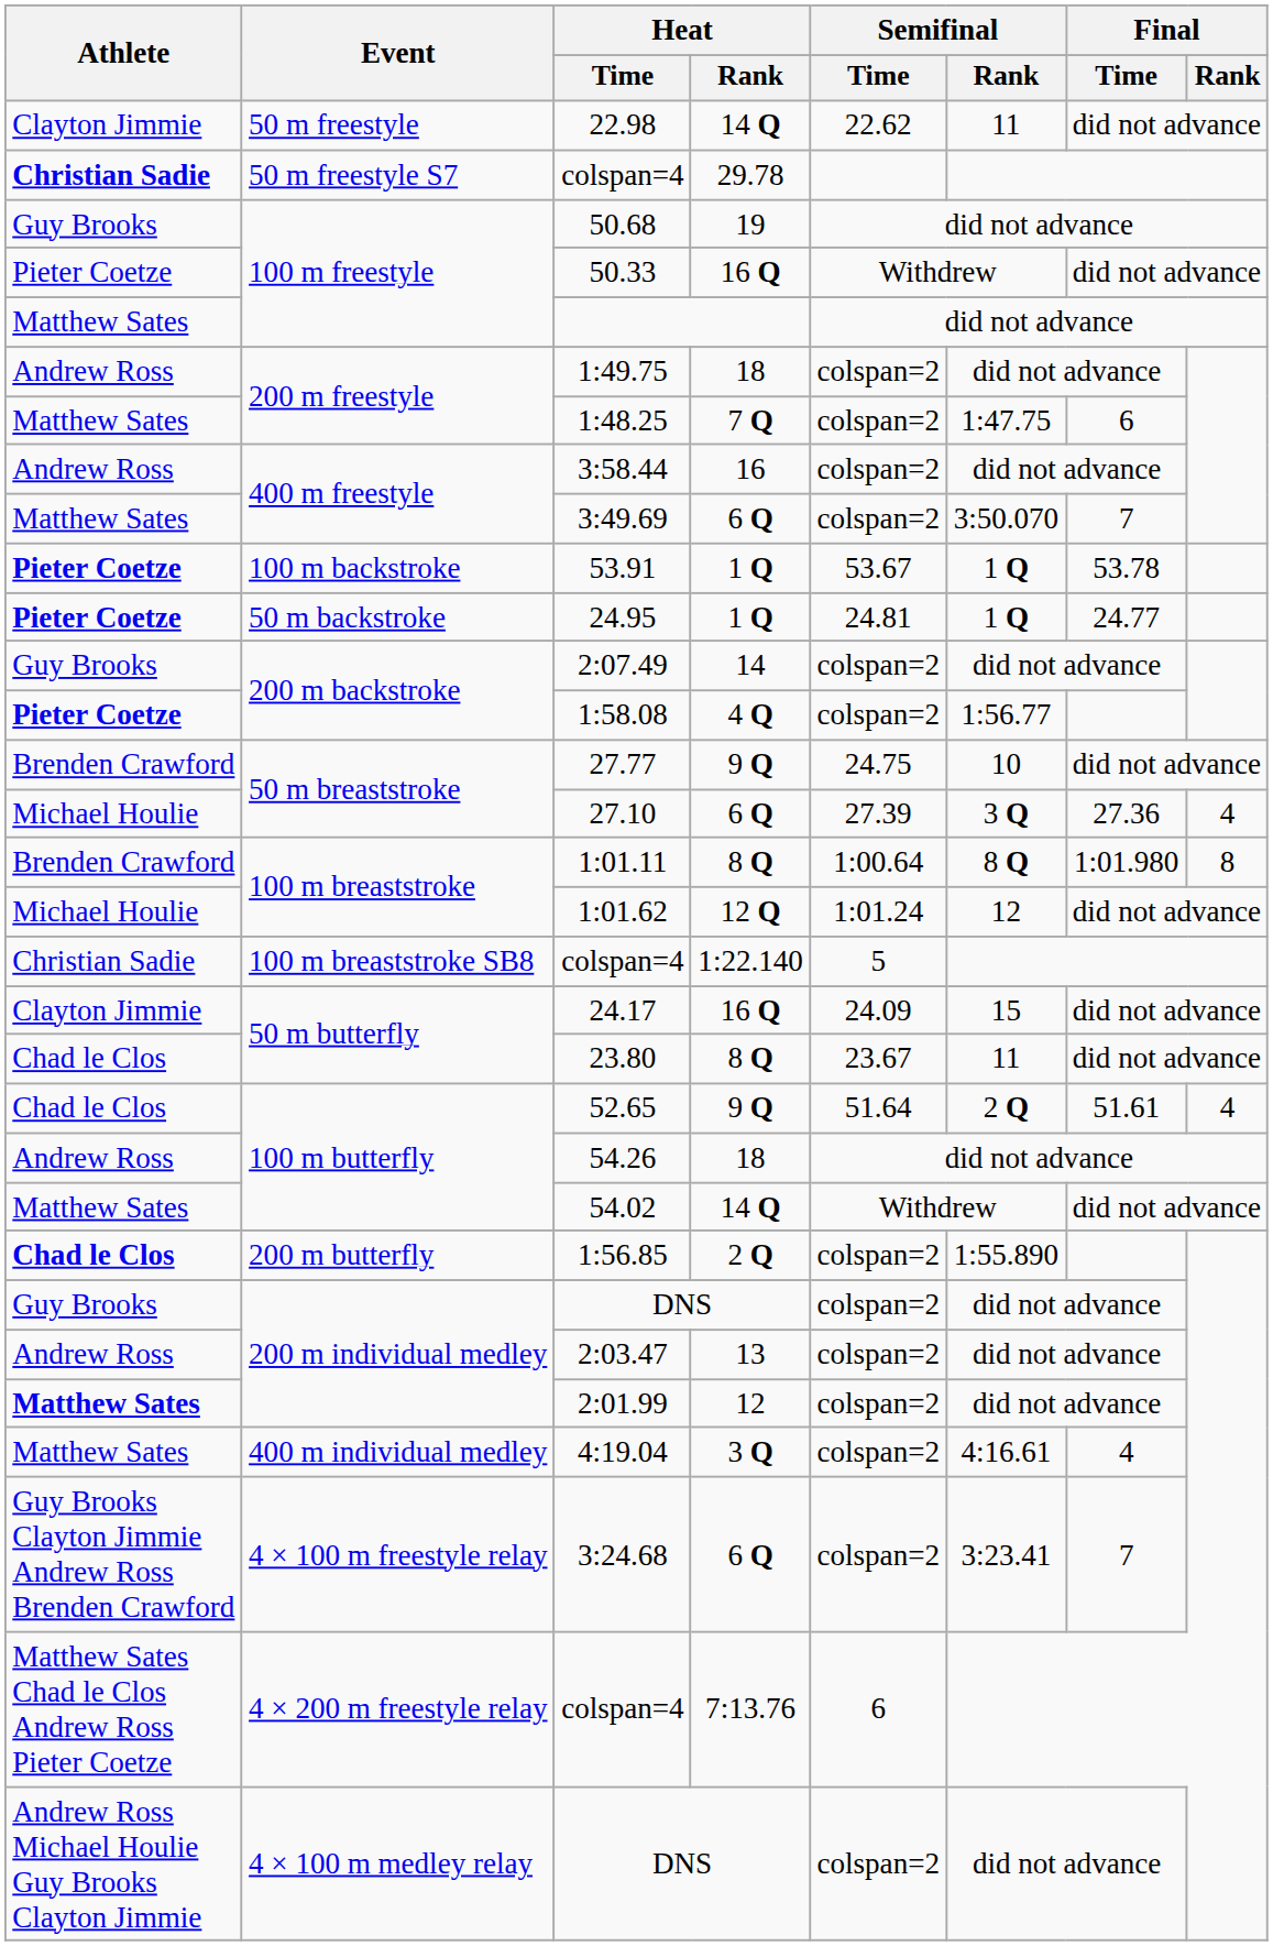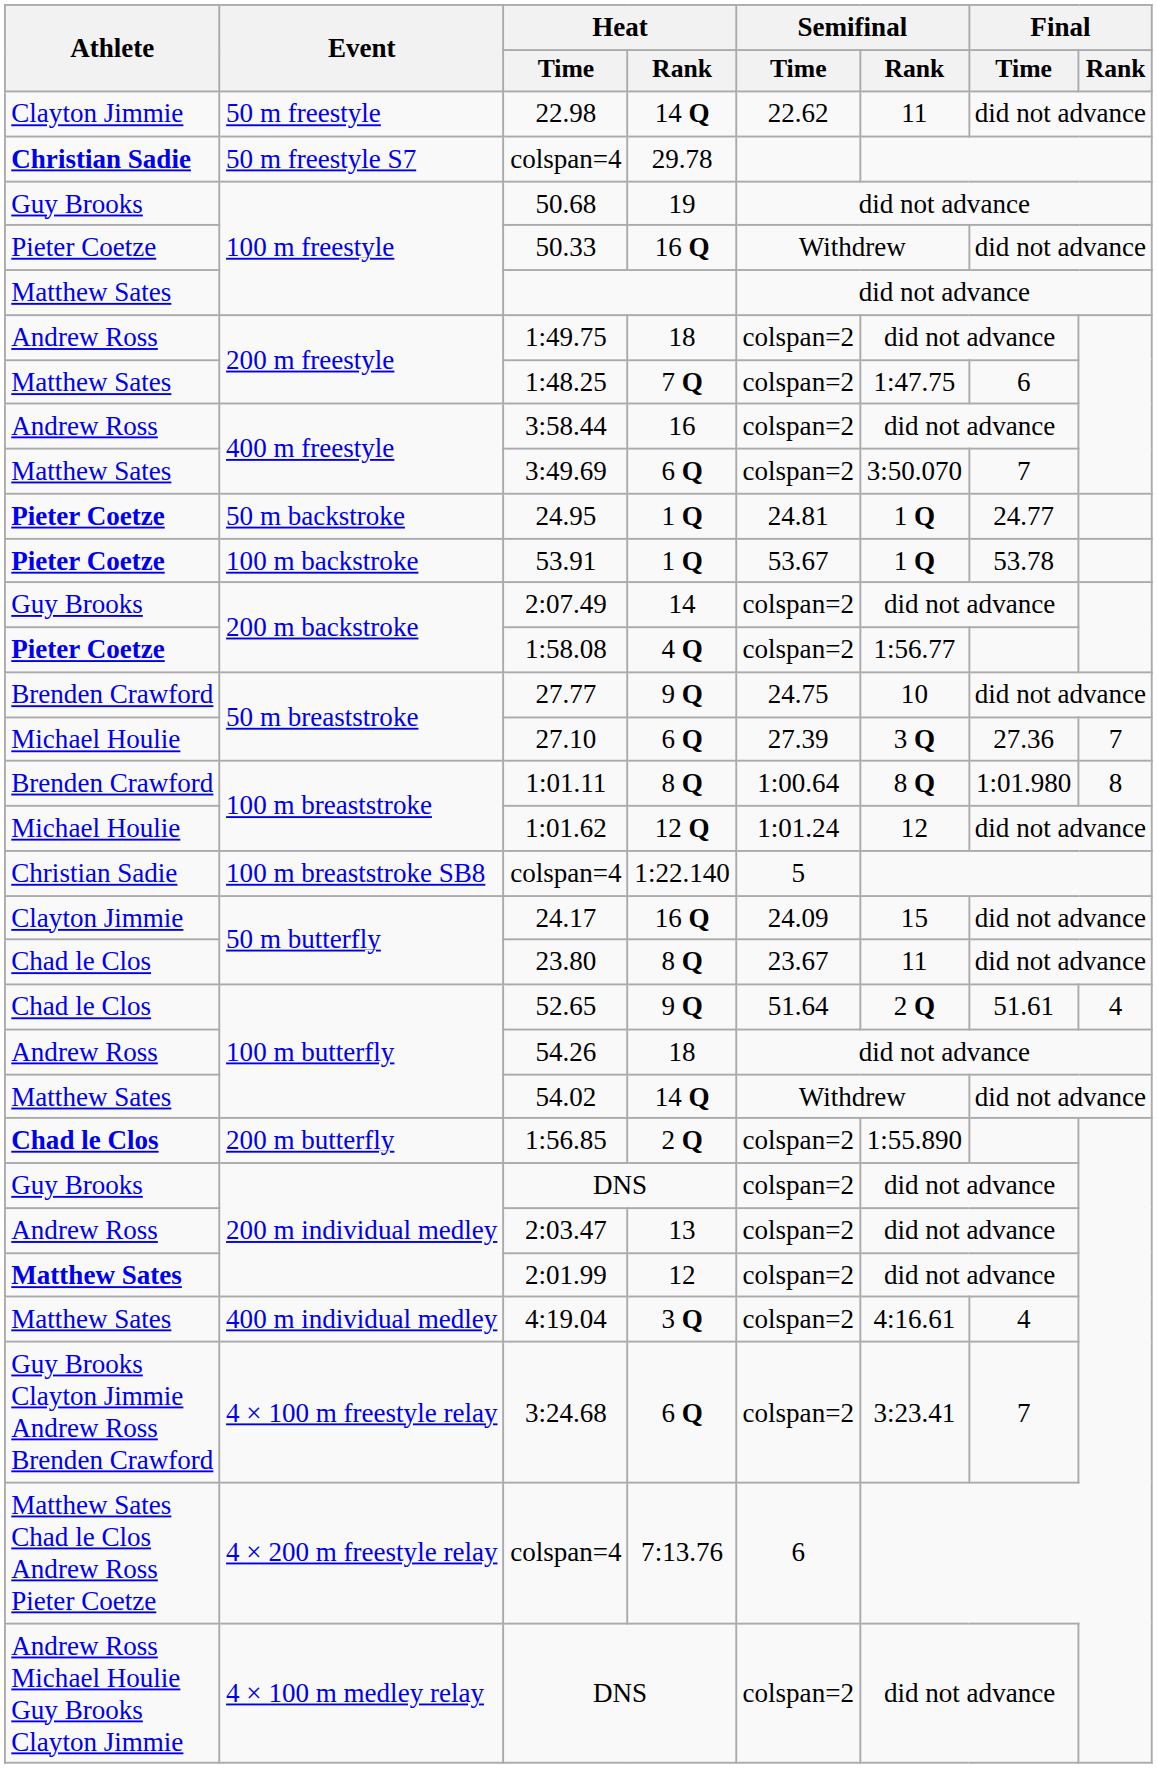 <table class=wikitable style=font-size:90%>
 <tr>
 <th rowspan=2>Athlete</th>
 <th rowspan=2>Event</th>
 <th colspan=2>Heat</th>
 <th colspan=2>Semifinal</th>
 <th colspan=2>Final</th>
 </tr>
 <tr style=font-size:95%>
 <th>Time</th>
 <th>Rank</th>
 <th>Time</th>
 <th>Rank</th>
 <th>Time</th>
 <th>Rank</th>
 </tr>
 <tr align=center>
 <td align=left><a href='#'>Clayton Jimmie</a></td>
 <td align=left rowspan="1"><a href='#'>50 m freestyle</a></td>
 <td>22.98</td>
 <td>14 <strong>Q</strong></td>
 <td>22.62</td>
 <td>11</td>
 <td colspan=2>did not advance</td>
 </tr>
 <tr align=center>
 <td align=left><strong><a href='#'>Christian Sadie</a></strong></td>
 <td align=left rowspan="1"><a href='#'>50 m freestyle S7</a></td>
 <td>colspan=4 </td>
 <td>29.78</td>
 <td></td>
 </tr>
 <tr align=center>
 <td align=left><a href='#'>Guy Brooks</a></td>
 <td align=left rowspan="3"><a href='#'>100 m freestyle</a></td>
 <td>50.68</td>
 <td>19</td>
 <td colspan=4>did not advance</td>
 </tr>
 <tr align=center>
 <td align=left><a href='#'>Pieter Coetze</a></td>
 <td>50.33</td>
 <td>16 <strong>Q</strong></td>
 <td colspan=2>Withdrew</td>
 <td colspan=2>did not advance</td>
 </tr>
 <tr align=center>
 <td align=left><a href='#'>Matthew Sates</a></td>
 <td colspan=2></td>
 <td colspan=4>did not advance</td>
 </tr>
 <tr align=center>
 <td align=left><a href='#'>Andrew Ross</a></td>
 <td align=left rowspan="2"><a href='#'>200 m freestyle</a></td>
 <td>1:49.75</td>
 <td>18</td>
 <td>colspan=2 </td>
 <td colspan=2>did not advance</td>
 </tr>
 <tr align=center>
 <td align=left><a href='#'>Matthew Sates</a></td>
 <td>1:48.25</td>
 <td>7 <strong>Q</strong></td>
 <td>colspan=2 </td>
 <td>1:47.75</td>
 <td>6</td>
 </tr>
 <tr align=center>
 <td align=left><a href='#'>Andrew Ross</a></td>
 <td align=left rowspan="2"><a href='#'>400 m freestyle</a></td>
 <td>3:58.44</td>
 <td>16</td>
 <td>colspan=2 </td>
 <td colspan=2>did not advance</td>
 </tr>
 <tr align=center>
 <td align=left><a href='#'>Matthew Sates</a></td>
 <td>3:49.69</td>
 <td>6 <strong>Q</strong></td>
 <td>colspan=2 </td>
 <td>3:50.070</td>
 <td>7</td>
 </tr>
 <tr align=center>
 <td align=left><strong><a href='#'>Pieter Coetze</a></strong></td>
+<td style="text-align:left;"><a href='#'>50 m backstroke</a></td>
+<td>24.95</td>
+<td>1 <strong>Q</strong></td>
+<td>24.81</td>
+<td>1 <strong>Q</strong></td>
+<td>24.77</td>
+<td></td>
+</tr>
+<tr align=center>
+<td align=left><strong><a href='#'>Pieter Coetze</a></strong></td>
 <td align=left rowspan=1><a href='#'>100 m backstroke</a></td>
 <td>53.91</td>
 <td>1 <strong>Q</strong></td>
 <td>53.67</td>
 <td>1 <strong>Q</strong></td>
 <td>53.78</td>
-<td></td>
-</tr>
-<tr align=center>
-<td align=left><strong><a href='#'>Pieter Coetze</a></strong></td>
-<td style="text-align:left;"><a href='#'>50 m backstroke</a></td>
-<td>24.95</td>
-<td>1 <strong>Q</strong></td>
-<td>24.81</td>
-<td>1 <strong>Q</strong></td>
-<td>24.77</td>
 <td></td>
 </tr>
 <tr align=center>
 <td align=left><a href='#'>Guy Brooks</a></td>
 <td align=left rowspan="2"><a href='#'>200 m backstroke</a></td>
 <td>2:07.49</td>
 <td>14</td>
 <td>colspan=2 </td>
 <td colspan=2>did not advance</td>
 </tr>
 <tr align=center>
 <td align=left><strong><a href='#'>Pieter Coetze</a></strong></td>
 <td>1:58.08</td>
 <td>4 <strong>Q</strong></td>
 <td>colspan=2 </td>
 <td>1:56.77</td>
 <td></td>
 </tr>
 <tr align=center>
 <td align=left><a href='#'>Brenden Crawford</a></td>
 <td align=left rowspan=2><a href='#'>50 m breaststroke</a></td>
 <td>27.77</td>
 <td>9 <strong>Q</strong></td>
 <td>24.75</td>
 <td>10</td>
 <td colspan=2>did not advance</td>
 </tr>
 <tr align=center>
 <td align=left><a href='#'>Michael Houlie</a></td>
 <td>27.10</td>
 <td>6 <strong>Q</strong></td>
 <td>27.39</td>
 <td>3 <strong>Q</strong></td>
 <td>27.36</td>
-<td>4</td>
+<td>7</td>
 </tr>
 <tr align=center>
 <td align=left><a href='#'>Brenden Crawford</a></td>
 <td align=left rowspan="2"><a href='#'>100 m breaststroke</a></td>
 <td>1:01.11</td>
 <td>8 <strong>Q</strong></td>
 <td>1:00.64</td>
 <td>8 <strong>Q</strong></td>
 <td>1:01.980</td>
 <td>8</td>
 </tr>
 <tr align=center>
 <td align=left><a href='#'>Michael Houlie</a></td>
 <td>1:01.62</td>
 <td>12 <strong>Q</strong></td>
 <td>1:01.24</td>
 <td>12</td>
 <td colspan=2>did not advance</td>
 </tr>
 <tr align=center>
 <td align=left><a href='#'>Christian Sadie</a></td>
 <td align=left rowspan="1"><a href='#'>100 m breaststroke SB8</a></td>
 <td>colspan=4 </td>
 <td>1:22.140</td>
 <td>5</td>
 </tr>
 <tr align=center>
 <td align=left><a href='#'>Clayton Jimmie</a></td>
 <td align=left rowspan="2"><a href='#'>50 m butterfly</a></td>
 <td>24.17</td>
 <td>16 <strong>Q</strong></td>
 <td>24.09</td>
 <td>15</td>
 <td colspan=2>did not advance</td>
 </tr>
 <tr align=center>
 <td align=left><a href='#'>Chad le Clos</a></td>
 <td>23.80</td>
 <td>8 <strong>Q</strong></td>
 <td>23.67</td>
 <td>11</td>
 <td colspan=2>did not advance</td>
 </tr>
 <tr align=center>
 <td align=left><a href='#'>Chad le Clos</a></td>
 <td align=left rowspan="3"><a href='#'>100 m butterfly</a></td>
 <td>52.65</td>
 <td>9 <strong>Q</strong></td>
 <td>51.64</td>
 <td>2 <strong>Q</strong></td>
 <td>51.61</td>
 <td>4</td>
 </tr>
 <tr align=center>
 <td align=left><a href='#'>Andrew Ross</a></td>
 <td>54.26</td>
 <td>18</td>
 <td colspan=4>did not advance</td>
 </tr>
 <tr align=center>
 <td align=left><a href='#'>Matthew Sates</a></td>
 <td>54.02</td>
 <td>14 <strong>Q</strong></td>
 <td colspan=2>Withdrew</td>
 <td colspan=2>did not advance</td>
 </tr>
 <tr align=center>
 <td align=left><strong><a href='#'>Chad le Clos</a></strong></td>
 <td align=left><a href='#'>200 m butterfly</a></td>
 <td>1:56.85</td>
 <td>2 <strong>Q</strong></td>
 <td>colspan=2 </td>
 <td>1:55.890</td>
 <td></td>
 </tr>
 <tr align=center>
 <td align=left><a href='#'>Guy Brooks</a></td>
 <td align=left rowspan="3"><a href='#'>200 m individual medley</a></td>
 <td colspan=2>DNS</td>
 <td>colspan=2 </td>
 <td colspan=2>did not advance</td>
 </tr>
 <tr align=center>
 <td align=left><a href='#'>Andrew Ross</a></td>
 <td>2:03.47</td>
 <td>13</td>
 <td>colspan=2 </td>
 <td colspan=2>did not advance</td>
 </tr>
 <tr align=center>
 <td align=left><strong><a href='#'>Matthew Sates</a></strong></td>
 <td>2:01.99</td>
 <td>12</td>
 <td>colspan=2 </td>
 <td colspan=2>did not advance</td>
 </tr>
 <tr align=center>
 <td align=left><a href='#'>Matthew Sates</a></td>
 <td align=left rowspan="1"><a href='#'>400 m individual medley</a></td>
 <td>4:19.04</td>
 <td>3 <strong>Q</strong></td>
 <td>colspan=2 </td>
 <td>4:16.61</td>
 <td>4</td>
 </tr>
 <tr align=center>
 <td align=left><a href='#'>Guy Brooks</a><br><a href='#'>Clayton Jimmie</a><br><a href='#'>Andrew Ross</a><br><a href='#'>Brenden Crawford</a></td>
 <td align=left><a href='#'>4 × 100 m freestyle relay</a></td>
 <td>3:24.68</td>
 <td>6 <strong>Q</strong></td>
 <td>colspan=2 </td>
 <td>3:23.41</td>
 <td>7</td>
 </tr>
 <tr align=center>
 <td align=left><a href='#'>Matthew Sates</a><br><a href='#'>Chad le Clos</a><br><a href='#'>Andrew Ross</a><br><a href='#'>Pieter Coetze</a></td>
 <td align=left><a href='#'>4 × 200 m freestyle relay</a></td>
 <td>colspan=4 </td>
 <td>7:13.76</td>
 <td>6</td>
 </tr>
 <tr align=center>
 <td align=left><a href='#'>Andrew Ross</a><br><a href='#'>Michael Houlie</a><br><a href='#'>Guy Brooks</a><br><a href='#'>Clayton Jimmie</a></td>
 <td align=left><a href='#'>4 × 100 m medley relay</a></td>
 <td colspan=2>DNS</td>
 <td>colspan=2 </td>
 <td colspan=2>did not advance</td>
 </tr>
 </table>
